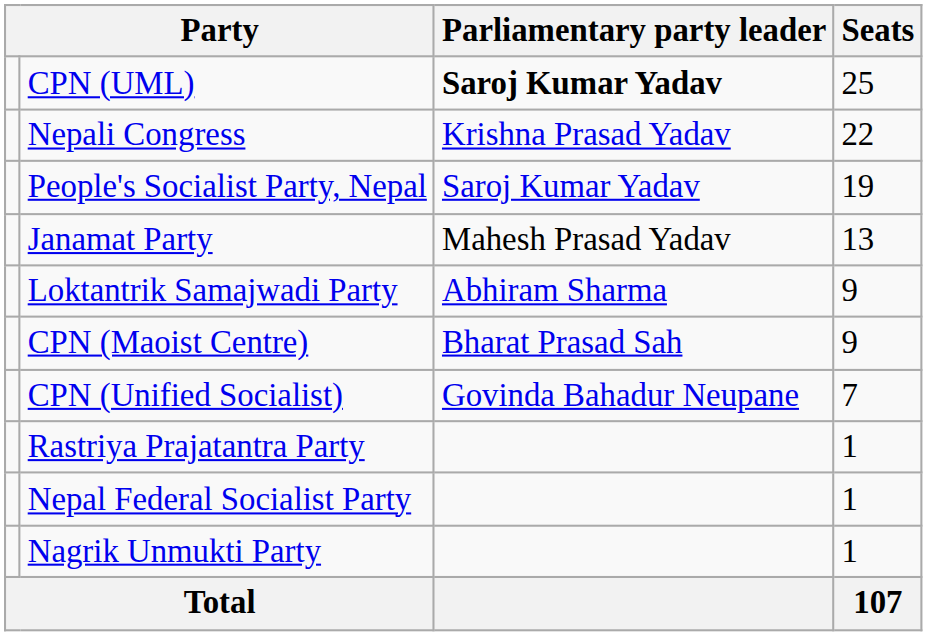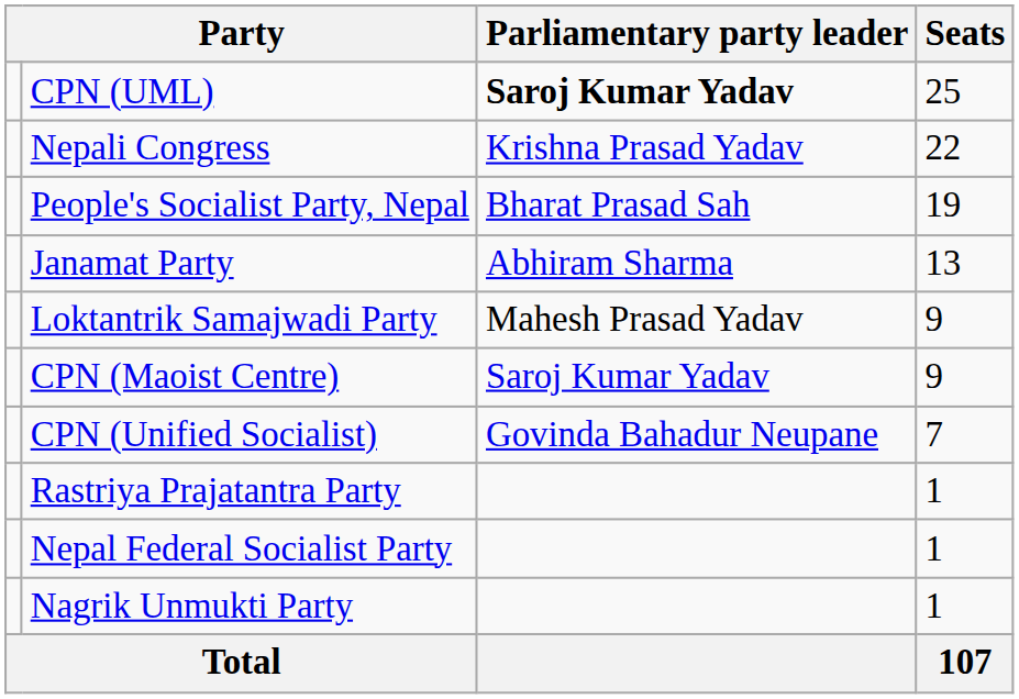 <table class="wikitable">
 <tr>
 <th colspan="2">Party</th>
 <th>Parliamentary party leader</th>
 <th>Seats</th>
 </tr>
 <tr>
 <td></td>
 <td><a href='#'>CPN (UML)</a></td>
 <td><strong>Saroj Kumar Yadav</strong></td>
 <td>25</td>
 </tr>
 <tr>
 <td></td>
 <td><a href='#'>Nepali Congress</a></td>
 <td><a href='#'>Krishna Prasad Yadav</a></td>
 <td>22</td>
 </tr>
 <tr>
 <td></td>
 <td><a href='#'>People's Socialist Party, Nepal</a></td>
-<td><a href='#'>Saroj Kumar Yadav</a></td>
+<td><a href='#'>Bharat Prasad Sah</a></td>
 <td>19</td>
 </tr>
 <tr>
 <td></td>
 <td><a href='#'>Janamat Party</a></td>
-<td>Mahesh Prasad Yadav</td>
+<td><a href='#'>Abhiram Sharma</a></td>
 <td>13</td>
 </tr>
 <tr>
 <td></td>
 <td><a href='#'>Loktantrik Samajwadi Party</a></td>
-<td><a href='#'>Abhiram Sharma</a></td>
+<td>Mahesh Prasad Yadav</td>
 <td>9</td>
 </tr>
 <tr>
 <td></td>
 <td><a href='#'>CPN (Maoist Centre)</a></td>
-<td><a href='#'>Bharat Prasad Sah</a></td>
+<td><a href='#'>Saroj Kumar Yadav</a></td>
 <td>9</td>
 </tr>
 <tr>
 <td></td>
 <td><a href='#'>CPN (Unified Socialist)</a></td>
 <td><a href='#'>Govinda Bahadur Neupane</a></td>
 <td>7</td>
 </tr>
 <tr>
 <td></td>
 <td><a href='#'>Rastriya Prajatantra Party</a></td>
 <td></td>
 <td>1</td>
 </tr>
 <tr>
 <td></td>
 <td><a href='#'>Nepal Federal Socialist Party</a></td>
 <td></td>
 <td>1</td>
 </tr>
 <tr>
 <td></td>
 <td><a href='#'>Nagrik Unmukti Party</a></td>
 <td></td>
 <td>1</td>
 </tr>
 <tr>
 <th colspan="2">Total</th>
 <th></th>
 <th>107</th>
 </tr>
 </table>
